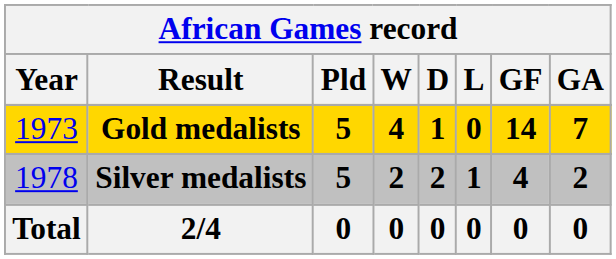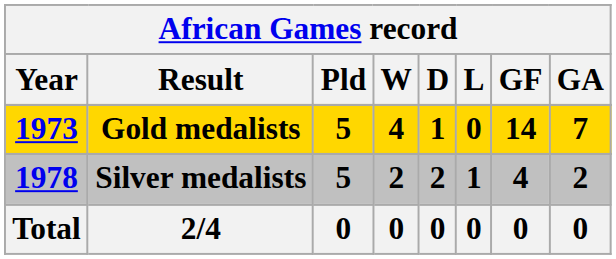 <table class="wikitable" style="text-align: center;">
 <tr>
 <th colspan=9><a href='#'>African Games</a> record</th>
 </tr>
 <tr>
 <th>Year</th>
 <th>Result</th>
 <th>Pld</th>
 <th>W</th>
 <th>D</th>
 <th>L</th>
 <th>GF</th>
 <th>GA</th>
 </tr>
 <tr>
 </tr>
 <tr bgcolor=gold>
-<td> <a href='#'>1973</a></td>
+<td><strong> <a href='#'>1973</a></strong></td>
 <td><strong>Gold medalists</strong></td>
 <td><strong>5</strong></td>
 <td><strong>4</strong></td>
 <td><strong>1</strong></td>
 <td><strong>0</strong></td>
 <td><strong>14</strong></td>
 <td><strong>7</strong></td>
 </tr>
 <tr>
 </tr>
 <tr bgcolor=silver>
-<td> <a href='#'>1978</a></td>
+<td><strong> <a href='#'>1978</a></strong></td>
 <td><strong>Silver medalists</strong></td>
 <td><strong>5</strong></td>
 <td><strong>2</strong></td>
 <td><strong>2</strong></td>
 <td><strong>1</strong></td>
 <td><strong>4</strong></td>
 <td><strong>2</strong></td>
 </tr>
 <tr>
 <th>Total</th>
 <th>2/4</th>
 <th>0</th>
 <th>0</th>
 <th>0</th>
 <th>0</th>
 <th>0</th>
 <th>0</th>
 </tr>
 </table>
